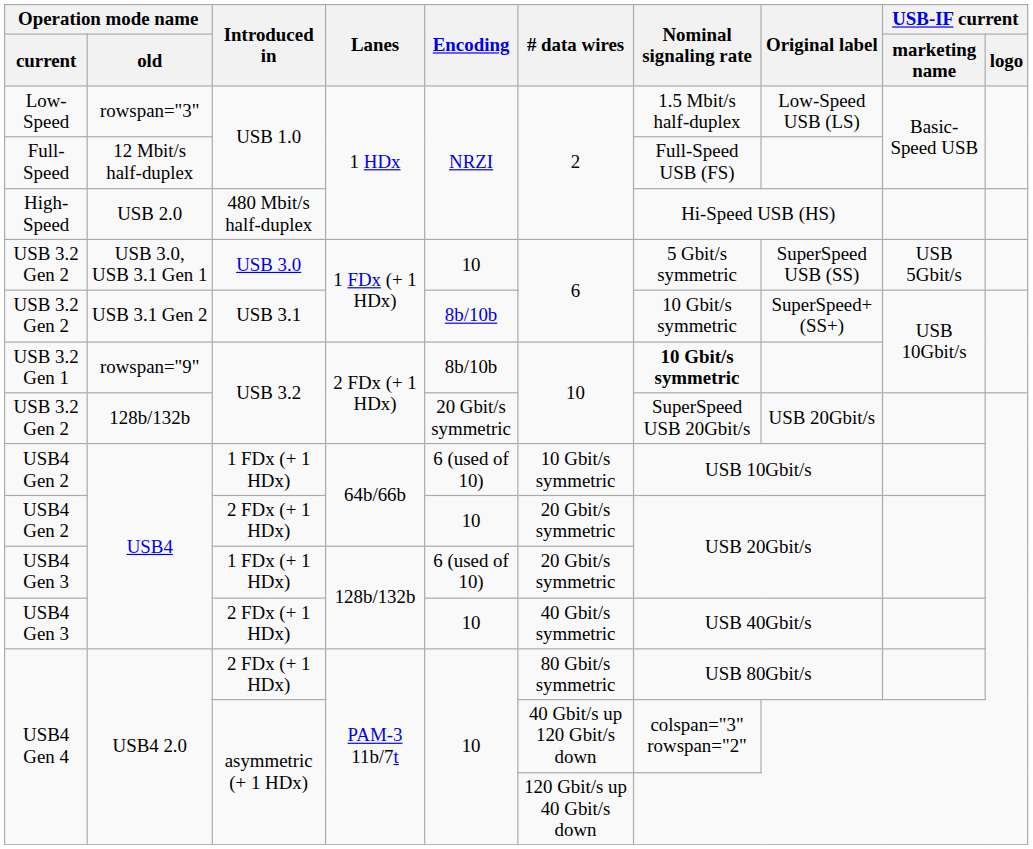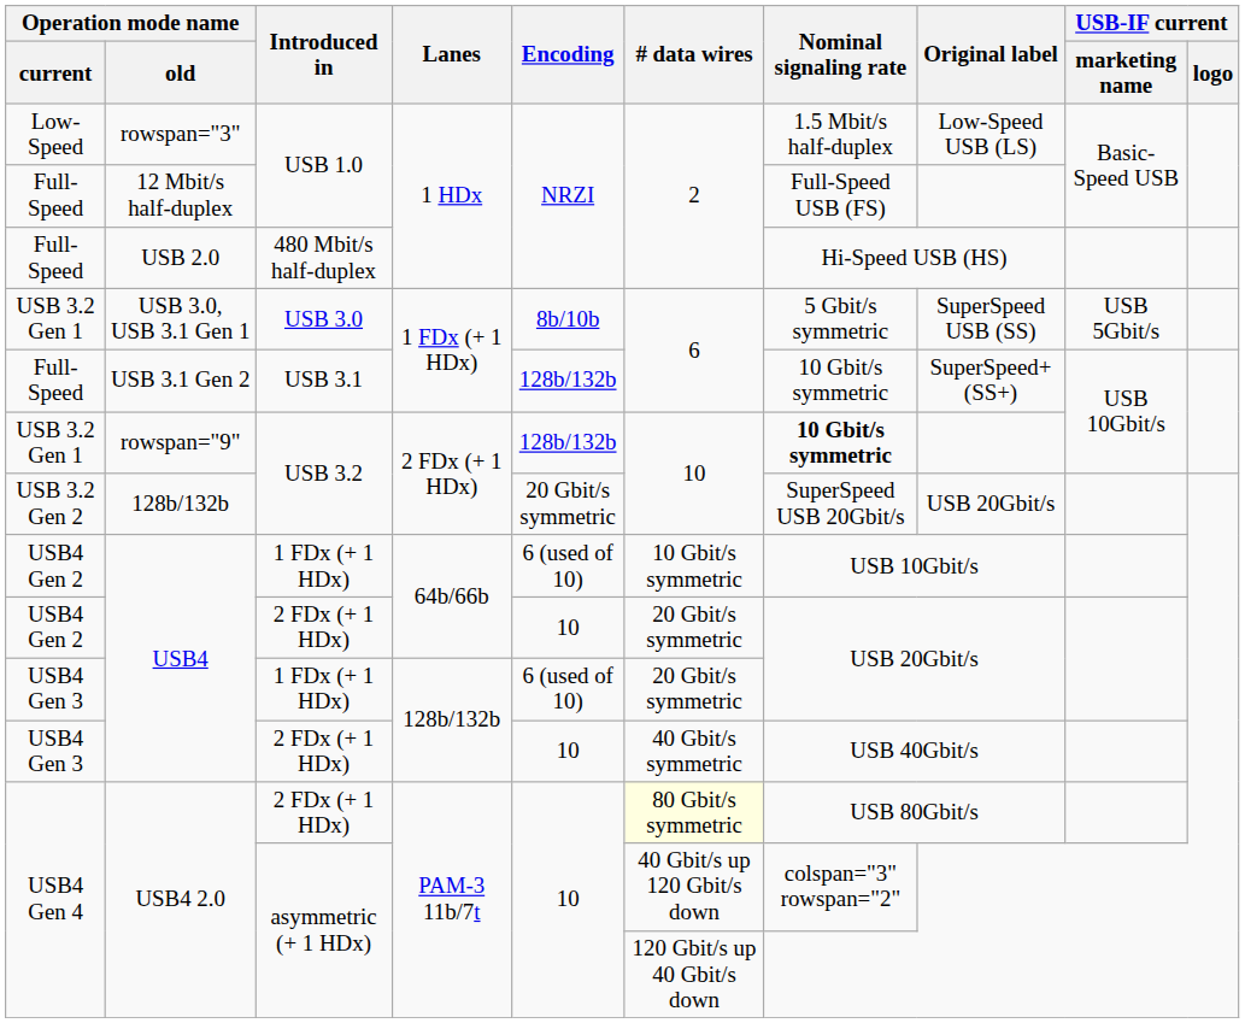 <table class="wikitable sortable mw-datatable" style="text-align:center;">
 <tr>
 <th colspan="2">Operation mode name</th>
 <th rowspan="2">Introduced in</th>
 <th rowspan="2">Lanes</th>
 <th rowspan="2"><a href='#'>Encoding</a></th>
 <th rowspan="2"># data wires</th>
 <th rowspan="2" data-sort-type=number>Nominal signaling  rate</th>
 <th rowspan="2">Original label</th>
 <th colspan="2"><a href='#'>USB-IF</a> current</th>
 </tr>
 <tr>
 <th>current</th>
 <th class=unsortable>old</th>
 <th>marketing name</th>
 <th class=unsortable>logo</th>
 </tr>
 <tr>
 <td>Low-Speed</td>
 <td>rowspan="3" </td>
 <td rowspan="2">USB 1.0</td>
 <td rowspan="3">1 <a href='#'>HDx</a></td>
 <td rowspan="3"><a href='#'>NRZI</a></td>
 <td rowspan="3">2</td>
 <td data-sort-value=0.001>1.5 Mbit/s<br>half-duplex</td>
 <td>Low-Speed USB (LS)</td>
 <td rowspan="2">Basic-Speed USB</td>
 <td rowspan="2"></td>
 </tr>
 <tr>
 <td>Full-Speed</td>
 <td data-sort-value=0.012>12 Mbit/s<br>half-duplex</td>
 <td>Full-Speed USB (FS)</td>
 </tr>
 <tr>
-<td>High-Speed</td>
+<td>Full-Speed</td>
 <td>USB 2.0</td>
 <td data-sort-value=0.480>480 Mbit/s<br>half-duplex</td>
 <td colspan=2>Hi-Speed USB (HS)</td>
 <td></td>
 </tr>
 <tr>
-<td>USB 3.2 Gen 2</td>
+<td>USB 3.2 Gen 1</td>
 <td>USB 3.0,<br>USB 3.1 Gen 1</td>
 <td><a href='#'>USB 3.0</a></td>
 <td rowspan="2">1 <a href='#'>FDx</a> (+ 1 HDx)</td>
-<td>10</td>
+<td><a href='#'>8b/10b</a></td>
 <td rowspan="2">6</td>
 <td>5 <abbr>Gbit/s</abbr><br>symmetric</td>
 <td>SuperSpeed USB (SS)</td>
 <td>USB 5Gbit/s</td>
 <td></td>
 </tr>
 <tr>
-<td>USB 3.2 Gen 2</td>
+<td>Full-Speed</td>
 <td>USB 3.1 Gen 2</td>
 <td>USB 3.1</td>
-<td><a href='#'>8b/10b</a></td>
+<td><a href='#'>128b/132b</a></td>
 <td>10 <abbr>Gbit/s</abbr><br>symmetric</td>
 <td>SuperSpeed+ (SS+)</td>
 <td rowspan="2">USB 10Gbit/s</td>
 <td rowspan="2"></td>
 </tr>
 <tr>
 <td>USB 3.2 Gen 1</td>
 <td>rowspan="9" </td>
 <td rowspan="2">USB 3.2</td>
 <td rowspan="2">2 FDx (+ 1 HDx)</td>
-<td>8b/10b</td>
+<td><a href='#'>128b/132b</a></td>
 <td rowspan="2">10</td>
 <td><strong>10 <abbr>Gbit/s</abbr><br>symmetric</strong></td>
 <td></td>
 </tr>
 <tr>
 <td>USB 3.2 Gen 2</td>
 <td>128b/132b</td>
 <td>20 <abbr>Gbit/s</abbr><br>symmetric</td>
 <td>SuperSpeed USB 20Gbit/s</td>
 <td>USB 20Gbit/s</td>
 <td></td>
 </tr>
 <tr>
 <td>USB4 Gen 2</td>
 <td rowspan="4"><a href='#'>USB4</a></td>
 <td>1 FDx (+ 1 HDx)</td>
 <td rowspan="2">64b/66b</td>
 <td>6 (used of 10)</td>
 <td>10 <abbr>Gbit/s</abbr><br>symmetric</td>
 <td colspan=2>USB 10Gbit/s</td>
 <td></td>
 </tr>
 <tr>
 <td>USB4 Gen 2</td>
 <td>2 FDx (+ 1 HDx)</td>
 <td>10</td>
 <td>20 <abbr>Gbit/s</abbr><br>symmetric</td>
 <td colspan="2" rowspan="2">USB 20Gbit/s</td>
 <td rowspan="2"></td>
 </tr>
 <tr>
 <td>USB4 Gen 3</td>
 <td>1 FDx (+ 1 HDx)</td>
 <td rowspan="2">128b/132b</td>
 <td>6 (used of 10)</td>
 <td>20 <abbr>Gbit/s</abbr><br>symmetric</td>
 </tr>
 <tr>
 <td>USB4 Gen 3</td>
 <td>2 FDx (+ 1 HDx)</td>
 <td>10</td>
 <td>40 <abbr>Gbit/s</abbr><br>symmetric</td>
 <td colspan=2>USB 40Gbit/s</td>
 <td></td>
 </tr>
 <tr>
 <td rowspan="3">USB4 Gen 4</td>
 <td rowspan="3">USB4 2.0</td>
 <td>2 FDx (+ 1 HDx)</td>
 <td rowspan="3"><a href='#'>PAM-3</a> 11b/7<a href='#'>t</a></td>
 <td rowspan="3">10</td>
-<td>80 Gbit/s<br>symmetric</td>
+<td style="background: lightyellow;">80 Gbit/s<br>symmetric</td>
 <td colspan=2>USB 80Gbit/s</td>
 <td></td>
 </tr>
 <tr>
 <td rowspan="2">asymmetric (+ 1 HDx)</td>
 <td>40 Gbit/s up<br>120 Gbit/s down</td>
 <td>colspan="3" rowspan="2" </td>
 </tr>
 <tr>
 <td>120 Gbit/s up<br>40 Gbit/s down</td>
 </tr>
 </table>
